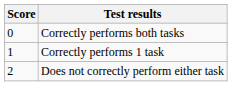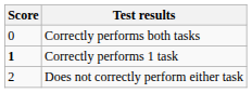 <table class="wikitable">
 <tr>
 <th>Score</th>
 <th>Test results</th>
 </tr>
 <tr>
 <td>0</td>
 <td>Correctly performs both tasks</td>
 </tr>
 <tr>
-<td>1</td>
+<td><strong>1</strong></td>
 <td>Correctly performs 1 task</td>
 </tr>
 <tr>
 <td>2</td>
 <td>Does not correctly perform either task</td>
 </tr>
 </table>
